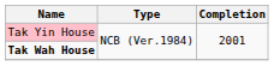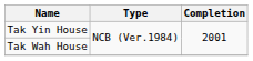 <table class="wikitable" style="text-align: center">
 <tr>
 <th>Name</th>
 <th>Type</th>
 <th>Completion</th>
 </tr>
 <tr>
-<td style="background: pink;">Tak Yin House</td>
+<td>Tak Yin House</td>
 <td rowspan="2">NCB (Ver.1984)</td>
 <td rowspan="2">2001</td>
 </tr>
 <tr>
-<td><strong>Tak Wah House</strong></td>
+<td>Tak Wah House</td>
 </tr>
 <tr>
 </tr>
 </table>
